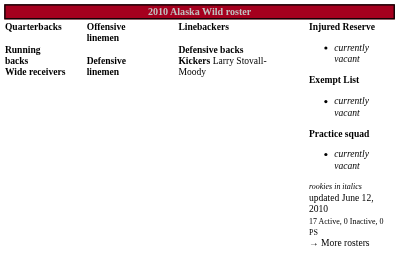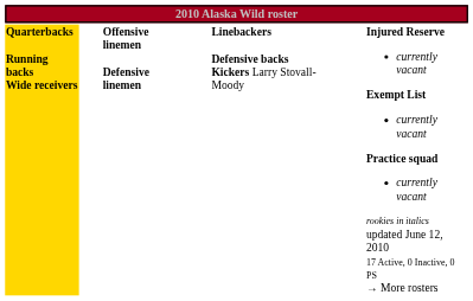 <table class="toccolours" style="text-align: left;">
 <tr>
 <th colspan="7" style="background:#A5001E; border:2px solid #000000; color:silver; text-align:center;"><strong>2010 Alaska Wild roster</strong></th>
 </tr>
 <tr>
-<td style="font-size: 95%;" valign="top"><strong>Quarterbacks</strong><br> <br><strong>Running backs</strong> <br><strong>Wide receivers</strong>   </td>
+<td style="background: gold; font-size: 95%;" valign="top"><strong>Quarterbacks</strong><br> <br><strong>Running backs</strong> <br><strong>Wide receivers</strong>   </td>
 <td style="width: 25px;"></td>
 <td style="font-size: 95%;" valign="top"><strong>Offensive linemen</strong><br><br><strong>Defensive linemen</strong>    </td>
 <td style="width: 25px;"></td>
 <td style="font-size: 95%;" valign="top"><strong>Linebackers</strong><br> <br><strong>Defensive backs</strong>    <br><strong>Kickers</strong> Larry Stovall-Moody</td>
 <td style="width: 25px;"></td>
 <td style="font-size: 95%;" valign="top"><strong>Injured Reserve</strong><br><ul><li><em>currently vacant</em></li></ul><strong>Exempt List</strong><ul><li><em>currently vacant</em></li></ul><strong>Practice squad</strong><ul><li><em>currently vacant</em></li></ul><small><em>rookies in italics</em></small><br> <span></span> updated June 12, 2010<br> <small>17 Active, 0 Inactive, 0 PS</small><br>→ More rosters</td>
 </tr>
 <tr>
 </tr>
 </table>
